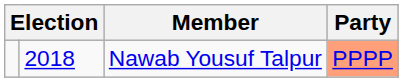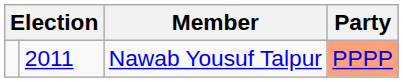 <table class="wikitable">
 <tr>
 <th colspan="2">Election</th>
 <th>Member</th>
 <th>Party</th>
 </tr>
 <tr>
 <td style="background-color: "></td>
-<td><a href='#'>2018</a></td>
+<td><a href='#'>2011</a></td>
 <td><a href='#'>Nawab Yousuf Talpur</a></td>
 <td style="background: lightsalmon;"><a href='#'>PPPP</a></td>
 </tr>
 </table>
